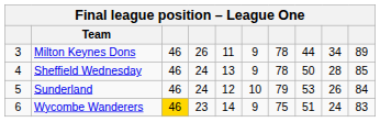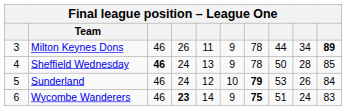 <table class="wikitable" style="text-align:center">
 <tr>
 <th colspan="10"><big>Final league position – League One</big></th>
 </tr>
 <tr>
 <th width="30"></th>
 <th width="175">Team</th>
 <th width="30"></th>
 <th width="30"></th>
 <th width="30"></th>
 <th width="30"></th>
 <th width="30"></th>
 <th width="30"></th>
 <th width="30"></th>
 <th width="30"></th>
 </tr>
 <tr>
 <td>3</td>
 <td align="left"><a href='#'>Milton Keynes Dons</a></td>
 <td>46</td>
 <td>26</td>
 <td>11</td>
 <td>9</td>
 <td>78</td>
 <td>44</td>
 <td>34</td>
-<td>89</td>
+<td><strong>89</strong></td>
 </tr>
 <tr>
 <td>4</td>
 <td align="left"><a href='#'>Sheffield Wednesday</a></td>
-<td>46</td>
+<td><strong>46</strong></td>
 <td>24</td>
 <td>13</td>
 <td>9</td>
 <td>78</td>
 <td>50</td>
 <td>28</td>
 <td>85</td>
 </tr>
 <tr>
 <td>5</td>
 <td align="left"><a href='#'>Sunderland</a></td>
 <td>46</td>
 <td>24</td>
 <td>12</td>
 <td>10</td>
-<td>79</td>
+<td><strong>79</strong></td>
 <td>53</td>
 <td>26</td>
 <td>84</td>
 </tr>
 <tr>
 <td>6</td>
 <td align="left"><a href='#'>Wycombe Wanderers</a></td>
-<td style="background: gold;">46</td>
-<td>23</td>
+<td>46</td>
+<td><strong>23</strong></td>
 <td>14</td>
 <td>9</td>
-<td>75</td>
+<td><strong>75</strong></td>
 <td>51</td>
 <td>24</td>
 <td>83</td>
 </tr>
 </table>
